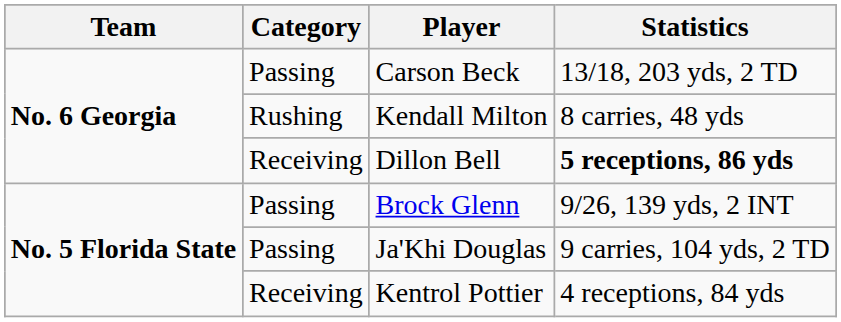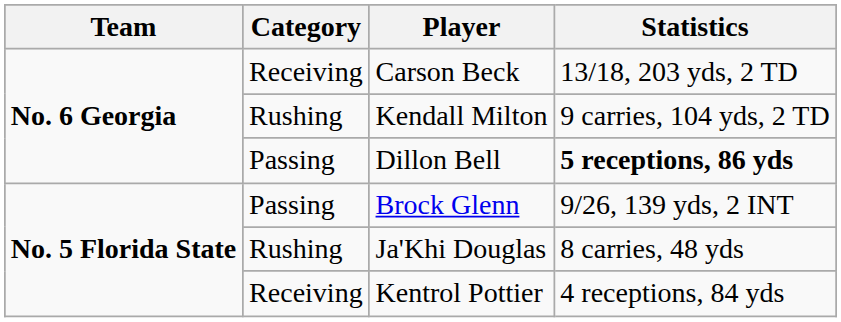 <table class="wikitable" style="float: right;">
 <tr>
 <th>Team</th>
 <th>Category</th>
 <th>Player</th>
 <th>Statistics</th>
 </tr>
 <tr>
 <td rowspan=3><strong>No. 6 Georgia</strong></td>
-<td>Passing</td>
+<td>Receiving</td>
 <td>Carson Beck</td>
 <td>13/18, 203 yds, 2 TD</td>
 </tr>
 <tr>
 <td>Rushing</td>
 <td>Kendall Milton</td>
-<td>8 carries, 48 yds</td>
+<td>9 carries, 104 yds, 2 TD</td>
 </tr>
 <tr>
-<td>Receiving</td>
+<td>Passing</td>
 <td>Dillon Bell</td>
 <td><strong>5 receptions, 86 yds</strong></td>
 </tr>
 <tr>
 <td rowspan=3><strong>No. 5 Florida State</strong></td>
 <td>Passing</td>
 <td><a href='#'>Brock Glenn</a></td>
 <td>9/26, 139 yds, 2 INT</td>
 </tr>
 <tr>
-<td>Passing</td>
+<td>Rushing</td>
 <td>Ja'Khi Douglas</td>
-<td>9 carries, 104 yds, 2 TD</td>
+<td>8 carries, 48 yds</td>
 </tr>
 <tr>
 <td>Receiving</td>
 <td>Kentrol Pottier</td>
 <td>4 receptions, 84 yds</td>
 </tr>
 </table>
